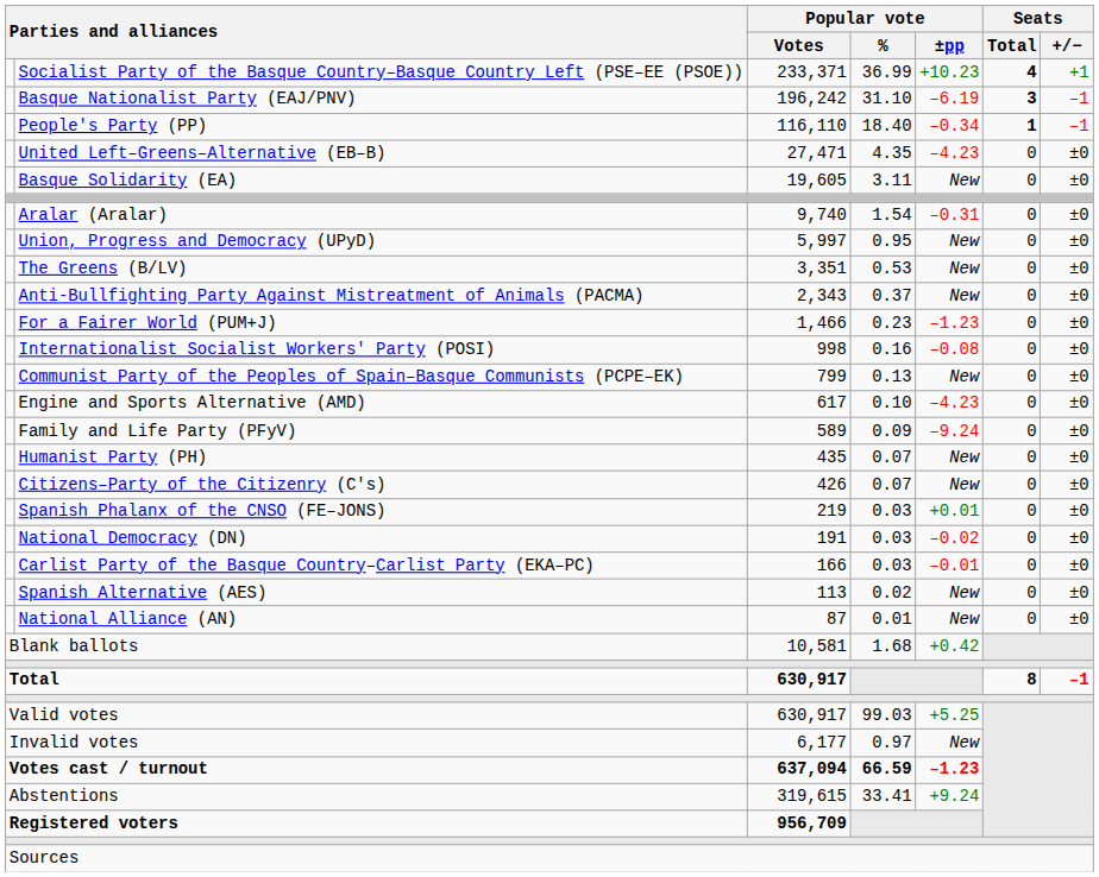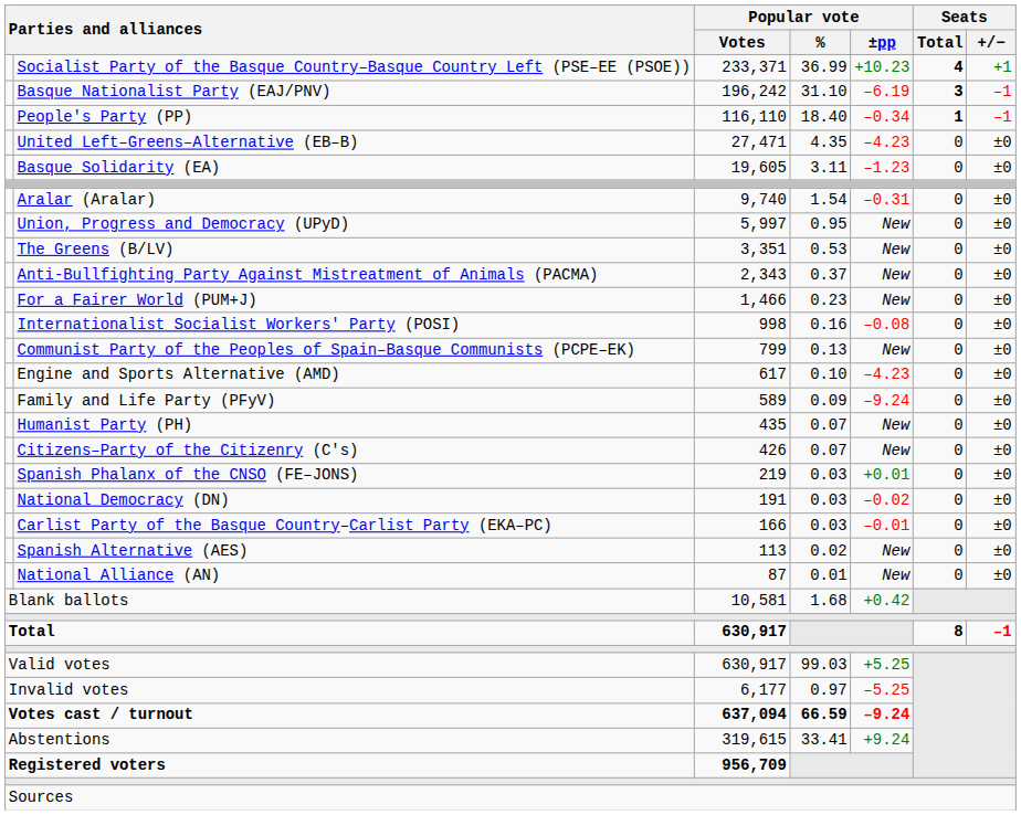 <table class="wikitable" style="text-align:right;">
 <tr>
 <th style="text-align:left;" rowspan="2" colspan="2" width="525">Parties and alliances</th>
 <th colspan="3">Popular vote</th>
 <th colspan="2">Seats</th>
 </tr>
 <tr>
 <th width="75">Votes</th>
 <th width="45">%</th>
 <th width="45">±<a href='#'>pp</a></th>
 <th width="35">Total</th>
 <th width="35">+/−</th>
 </tr>
 <tr>
 <td width="1" style="color:inherit;background:"></td>
 <td align="left"><a href='#'>Socialist Party of the Basque Country–Basque Country Left</a> (PSE–EE (PSOE))</td>
 <td>233,371</td>
 <td>36.99</td>
 <td style="color:green;">+10.23</td>
 <td><strong>4</strong></td>
 <td style="color:green;">+1</td>
 </tr>
 <tr>
 <td style="color:inherit;background:"></td>
 <td align="left"><a href='#'>Basque Nationalist Party</a> (EAJ/PNV)</td>
 <td>196,242</td>
 <td>31.10</td>
 <td style="color:red;">–6.19</td>
 <td><strong>3</strong></td>
 <td style="color:red;">–1</td>
 </tr>
 <tr>
 <td style="color:inherit;background:"></td>
 <td align="left"><a href='#'>People's Party</a> (PP)</td>
 <td>116,110</td>
 <td>18.40</td>
 <td style="color:red;">–0.34</td>
 <td><strong>1</strong></td>
 <td style="color:red;">–1</td>
 </tr>
 <tr>
 <td style="color:inherit;background:"></td>
 <td align="left"><a href='#'>United Left–Greens–Alternative</a> (EB–B)</td>
 <td>27,471</td>
 <td>4.35</td>
 <td style="color:red;">–4.23</td>
 <td>0</td>
 <td>±0</td>
 </tr>
 <tr>
 <td style="color:inherit;background:"></td>
 <td align="left"><a href='#'>Basque Solidarity</a> (EA)</td>
 <td>19,605</td>
 <td>3.11</td>
-<td><em>New</em></td>
+<td style="color:red;">–1.23</td>
 <td>0</td>
 <td>±0</td>
 </tr>
 <tr>
 <td colspan="7" bgcolor="#C0C0C0"></td>
 </tr>
 <tr>
 <td style="color:inherit;background:"></td>
 <td align="left"><a href='#'>Aralar</a> (Aralar)</td>
 <td>9,740</td>
 <td>1.54</td>
 <td style="color:red;">–0.31</td>
 <td>0</td>
 <td>±0</td>
 </tr>
 <tr>
 <td style="color:inherit;background:"></td>
 <td align="left"><a href='#'>Union, Progress and Democracy</a> (UPyD)</td>
 <td>5,997</td>
 <td>0.95</td>
 <td><em>New</em></td>
 <td>0</td>
 <td>±0</td>
 </tr>
 <tr>
 <td style="color:inherit;background:"></td>
 <td align="left"><a href='#'>The Greens</a> (B/LV)</td>
 <td>3,351</td>
 <td>0.53</td>
 <td><em>New</em></td>
 <td>0</td>
 <td>±0</td>
 </tr>
 <tr>
 <td style="color:inherit;background:"></td>
 <td align="left"><a href='#'>Anti-Bullfighting Party Against Mistreatment of Animals</a> (PACMA)</td>
 <td>2,343</td>
 <td>0.37</td>
 <td><em>New</em></td>
 <td>0</td>
 <td>±0</td>
 </tr>
 <tr>
 <td style="color:inherit;background:"></td>
 <td align="left"><a href='#'>For a Fairer World</a> (PUM+J)</td>
 <td>1,466</td>
 <td>0.23</td>
-<td style="color:red;">–1.23</td>
+<td><em>New</em></td>
 <td>0</td>
 <td>±0</td>
 </tr>
 <tr>
 <td style="color:inherit;background:"></td>
 <td align="left"><a href='#'>Internationalist Socialist Workers' Party</a> (POSI)</td>
 <td>998</td>
 <td>0.16</td>
 <td style="color:red;">–0.08</td>
 <td>0</td>
 <td>±0</td>
 </tr>
 <tr>
 <td style="color:inherit;background:"></td>
 <td align="left"><a href='#'>Communist Party of the Peoples of Spain–Basque Communists</a> (PCPE–EK)</td>
 <td>799</td>
 <td>0.13</td>
 <td><em>New</em></td>
 <td>0</td>
 <td>±0</td>
 </tr>
 <tr>
 <td style="color:inherit;background:"></td>
 <td align="left">Engine and Sports Alternative (AMD)</td>
 <td>617</td>
 <td>0.10</td>
 <td style="color:red;">–4.23</td>
 <td>0</td>
 <td>±0</td>
 </tr>
 <tr>
 <td style="color:inherit;background:"></td>
 <td align="left">Family and Life Party (PFyV)</td>
 <td>589</td>
 <td>0.09</td>
 <td style="color:red;">–9.24</td>
 <td>0</td>
 <td>±0</td>
 </tr>
 <tr>
 <td style="color:inherit;background:"></td>
 <td align="left"><a href='#'>Humanist Party</a> (PH)</td>
 <td>435</td>
 <td>0.07</td>
 <td><em>New</em></td>
 <td>0</td>
 <td>±0</td>
 </tr>
 <tr>
 <td style="color:inherit;background:"></td>
 <td align="left"><a href='#'>Citizens–Party of the Citizenry</a> (C's)</td>
 <td>426</td>
 <td>0.07</td>
 <td><em>New</em></td>
 <td>0</td>
 <td>±0</td>
 </tr>
 <tr>
 <td style="color:inherit;background:"></td>
 <td align="left"><a href='#'>Spanish Phalanx of the CNSO</a> (FE–JONS)</td>
 <td>219</td>
 <td>0.03</td>
 <td style="color:green;">+0.01</td>
 <td>0</td>
 <td>±0</td>
 </tr>
 <tr>
 <td style="color:inherit;background:"></td>
 <td align="left"><a href='#'>National Democracy</a> (DN)</td>
 <td>191</td>
 <td>0.03</td>
 <td style="color:red;">–0.02</td>
 <td>0</td>
 <td>±0</td>
 </tr>
 <tr>
 <td style="color:inherit;background:"></td>
 <td align="left"><a href='#'>Carlist Party of the Basque Country</a>–<a href='#'>Carlist Party</a> (EKA–PC)</td>
 <td>166</td>
 <td>0.03</td>
 <td style="color:red;">–0.01</td>
 <td>0</td>
 <td>±0</td>
 </tr>
 <tr>
 <td style="color:inherit;background:"></td>
 <td align="left"><a href='#'>Spanish Alternative</a> (AES)</td>
 <td>113</td>
 <td>0.02</td>
 <td><em>New</em></td>
 <td>0</td>
 <td>±0</td>
 </tr>
 <tr>
 <td style="color:inherit;background:"></td>
 <td align="left"><a href='#'>National Alliance</a> (AN)</td>
 <td>87</td>
 <td>0.01</td>
 <td><em>New</em></td>
 <td>0</td>
 <td>±0</td>
 </tr>
 <tr>
 <td align="left" colspan="2">Blank ballots</td>
 <td>10,581</td>
 <td>1.68</td>
 <td style="color:green;">+0.42</td>
 <td bgcolor="#E9E9E9" colspan="2"></td>
 </tr>
 <tr>
 <td colspan="7" bgcolor="#E9E9E9"></td>
 </tr>
 <tr style="font-weight:bold;">
 <td align="left" colspan="2">Total</td>
 <td>630,917</td>
 <td bgcolor="#E9E9E9" colspan="2"></td>
 <td>8</td>
 <td style="color:red;">–1</td>
 </tr>
 <tr>
 <td colspan="7" bgcolor="#E9E9E9"></td>
 </tr>
 <tr>
 <td align="left" colspan="2">Valid votes</td>
 <td>630,917</td>
 <td>99.03</td>
 <td style="color:green;">+5.25</td>
 <td bgcolor="#E9E9E9" colspan="2" rowspan="5"></td>
 </tr>
 <tr>
 <td align="left" colspan="2">Invalid votes</td>
 <td>6,177</td>
 <td>0.97</td>
-<td><em>New</em></td>
+<td style="color:red;">–5.25</td>
 </tr>
 <tr style="font-weight:bold;">
 <td align="left" colspan="2">Votes cast / turnout</td>
 <td>637,094</td>
 <td>66.59</td>
-<td style="color:red;">–1.23</td>
+<td style="color:red;">–9.24</td>
 </tr>
 <tr>
 <td align="left" colspan="2">Abstentions</td>
 <td>319,615</td>
 <td>33.41</td>
 <td style="color:green;">+9.24</td>
 </tr>
 <tr style="font-weight:bold;">
 <td align="left" colspan="2">Registered voters</td>
 <td>956,709</td>
 <td bgcolor="#E9E9E9" colspan="2"></td>
 </tr>
 <tr>
 <td colspan="7" bgcolor="#E9E9E9"></td>
 </tr>
 <tr>
 <td align="left" colspan="7">Sources</td>
 </tr>
 </table>
